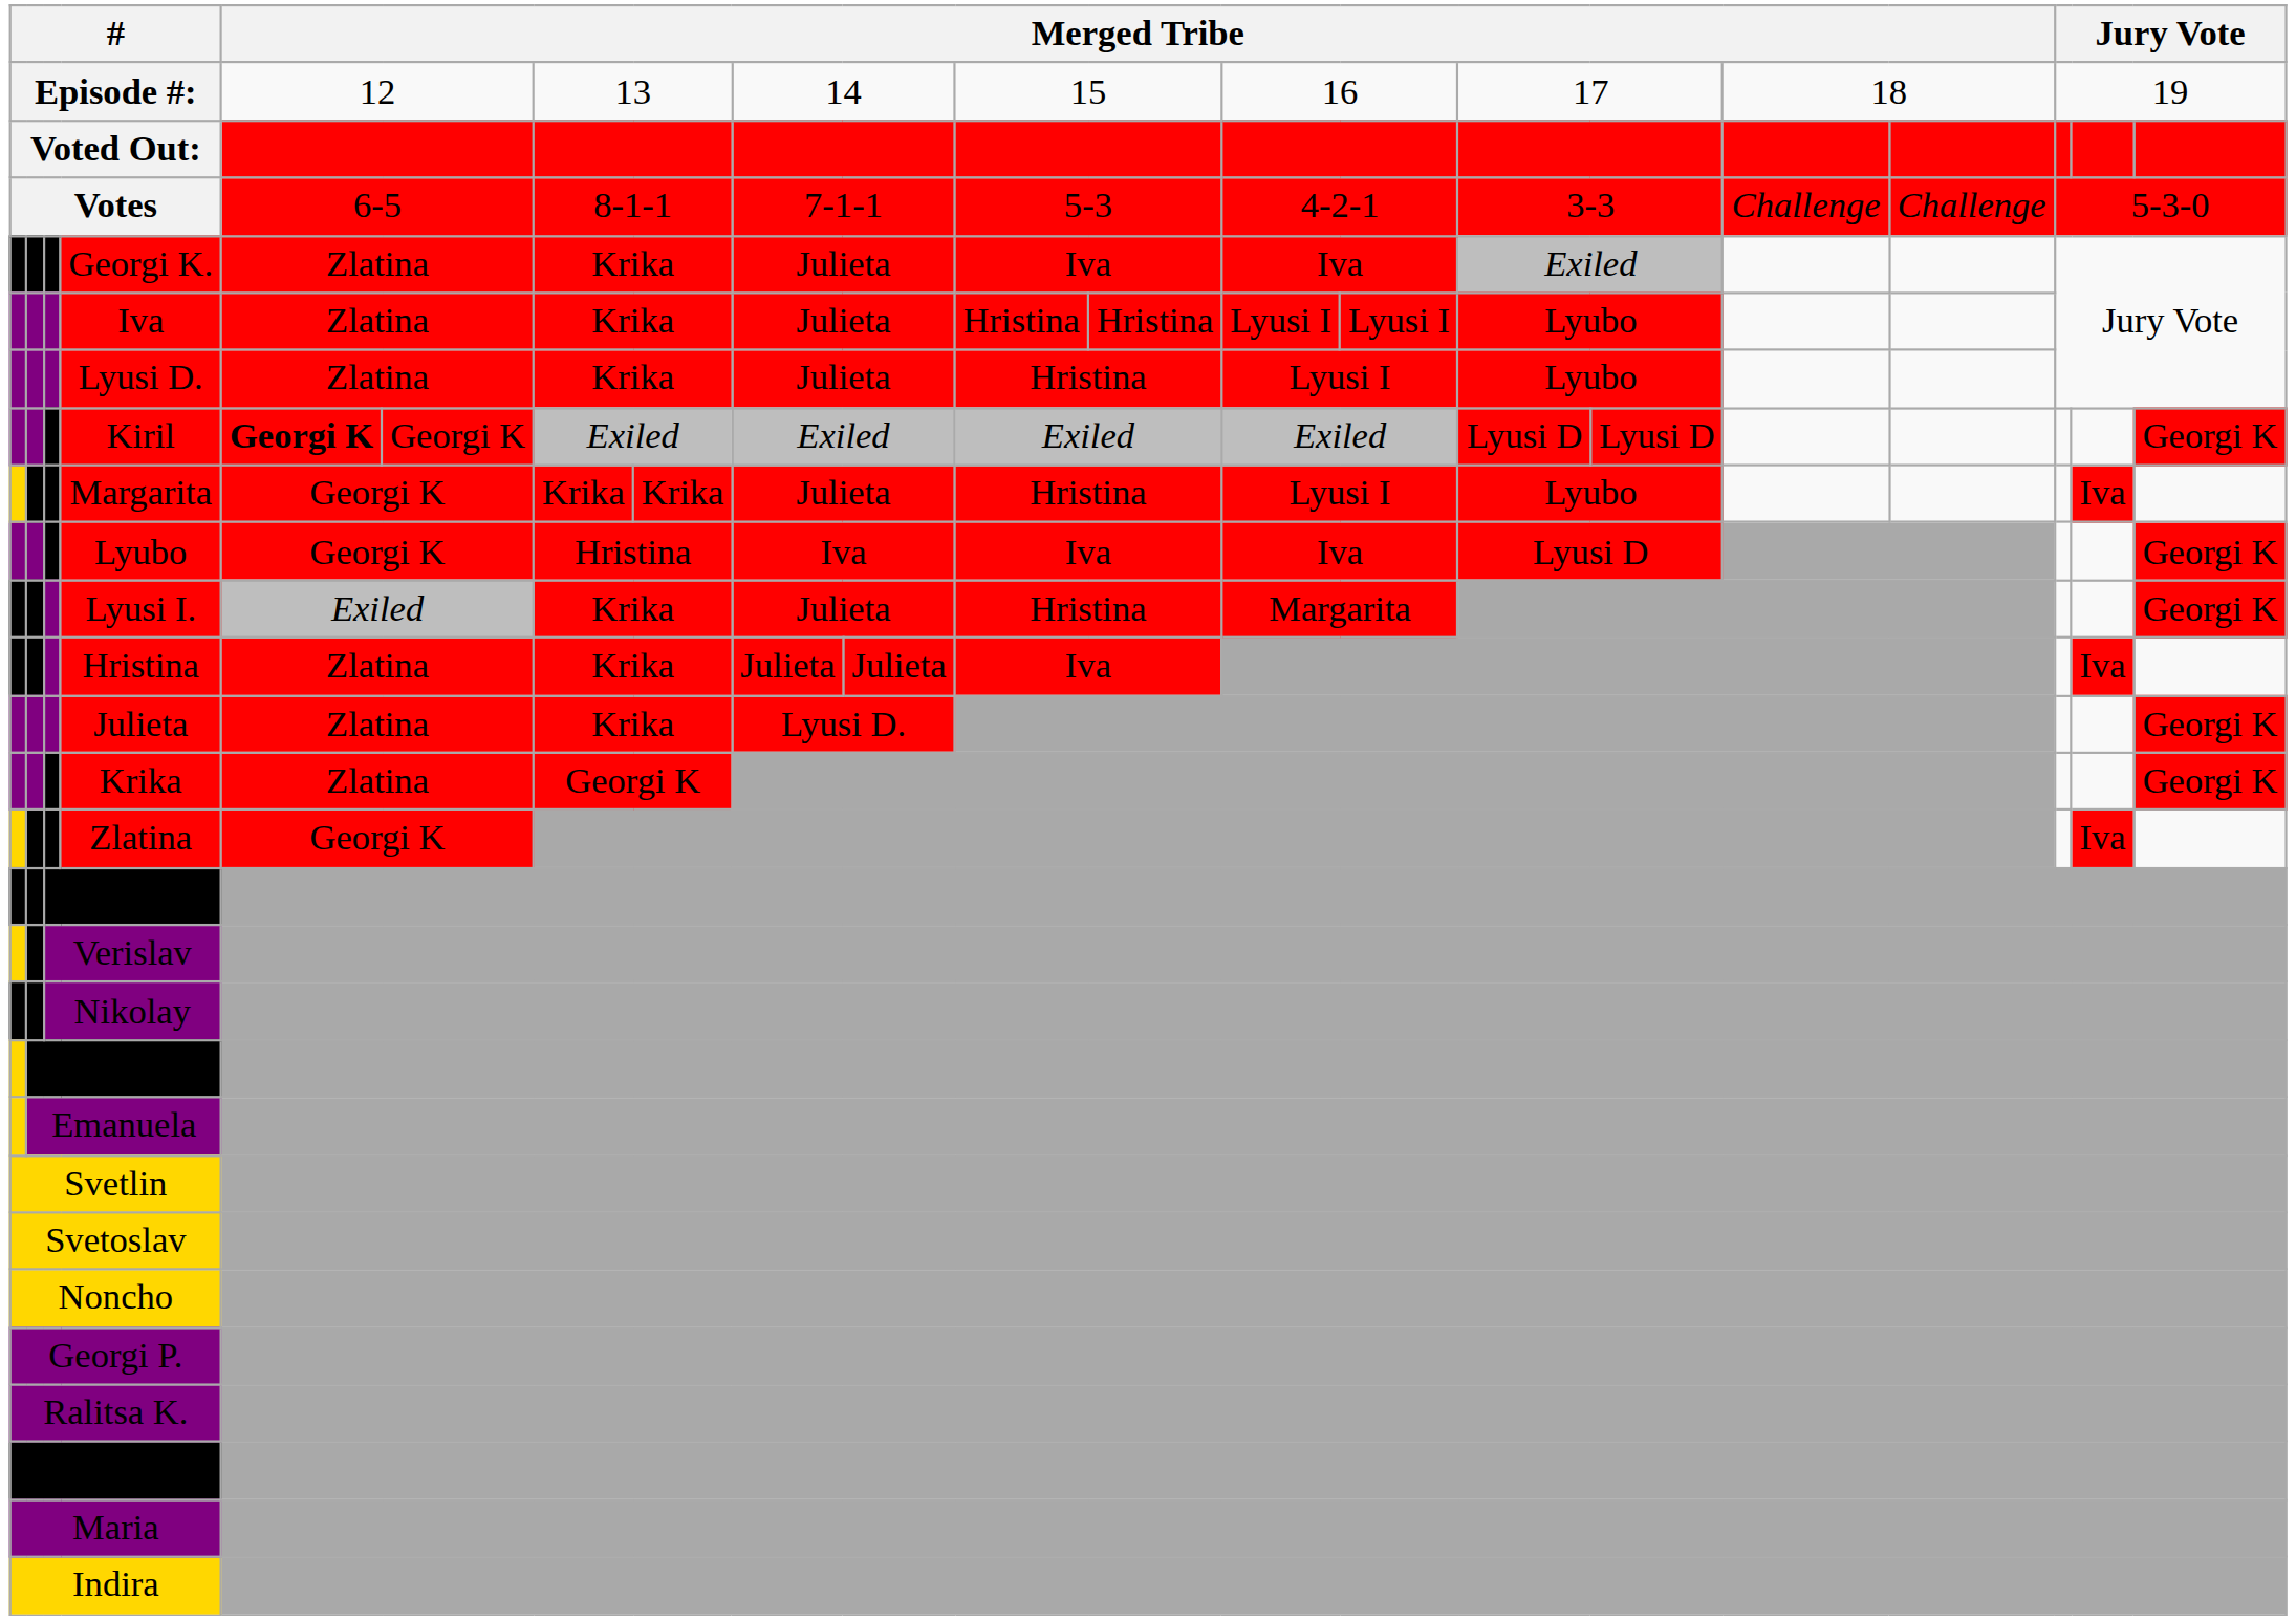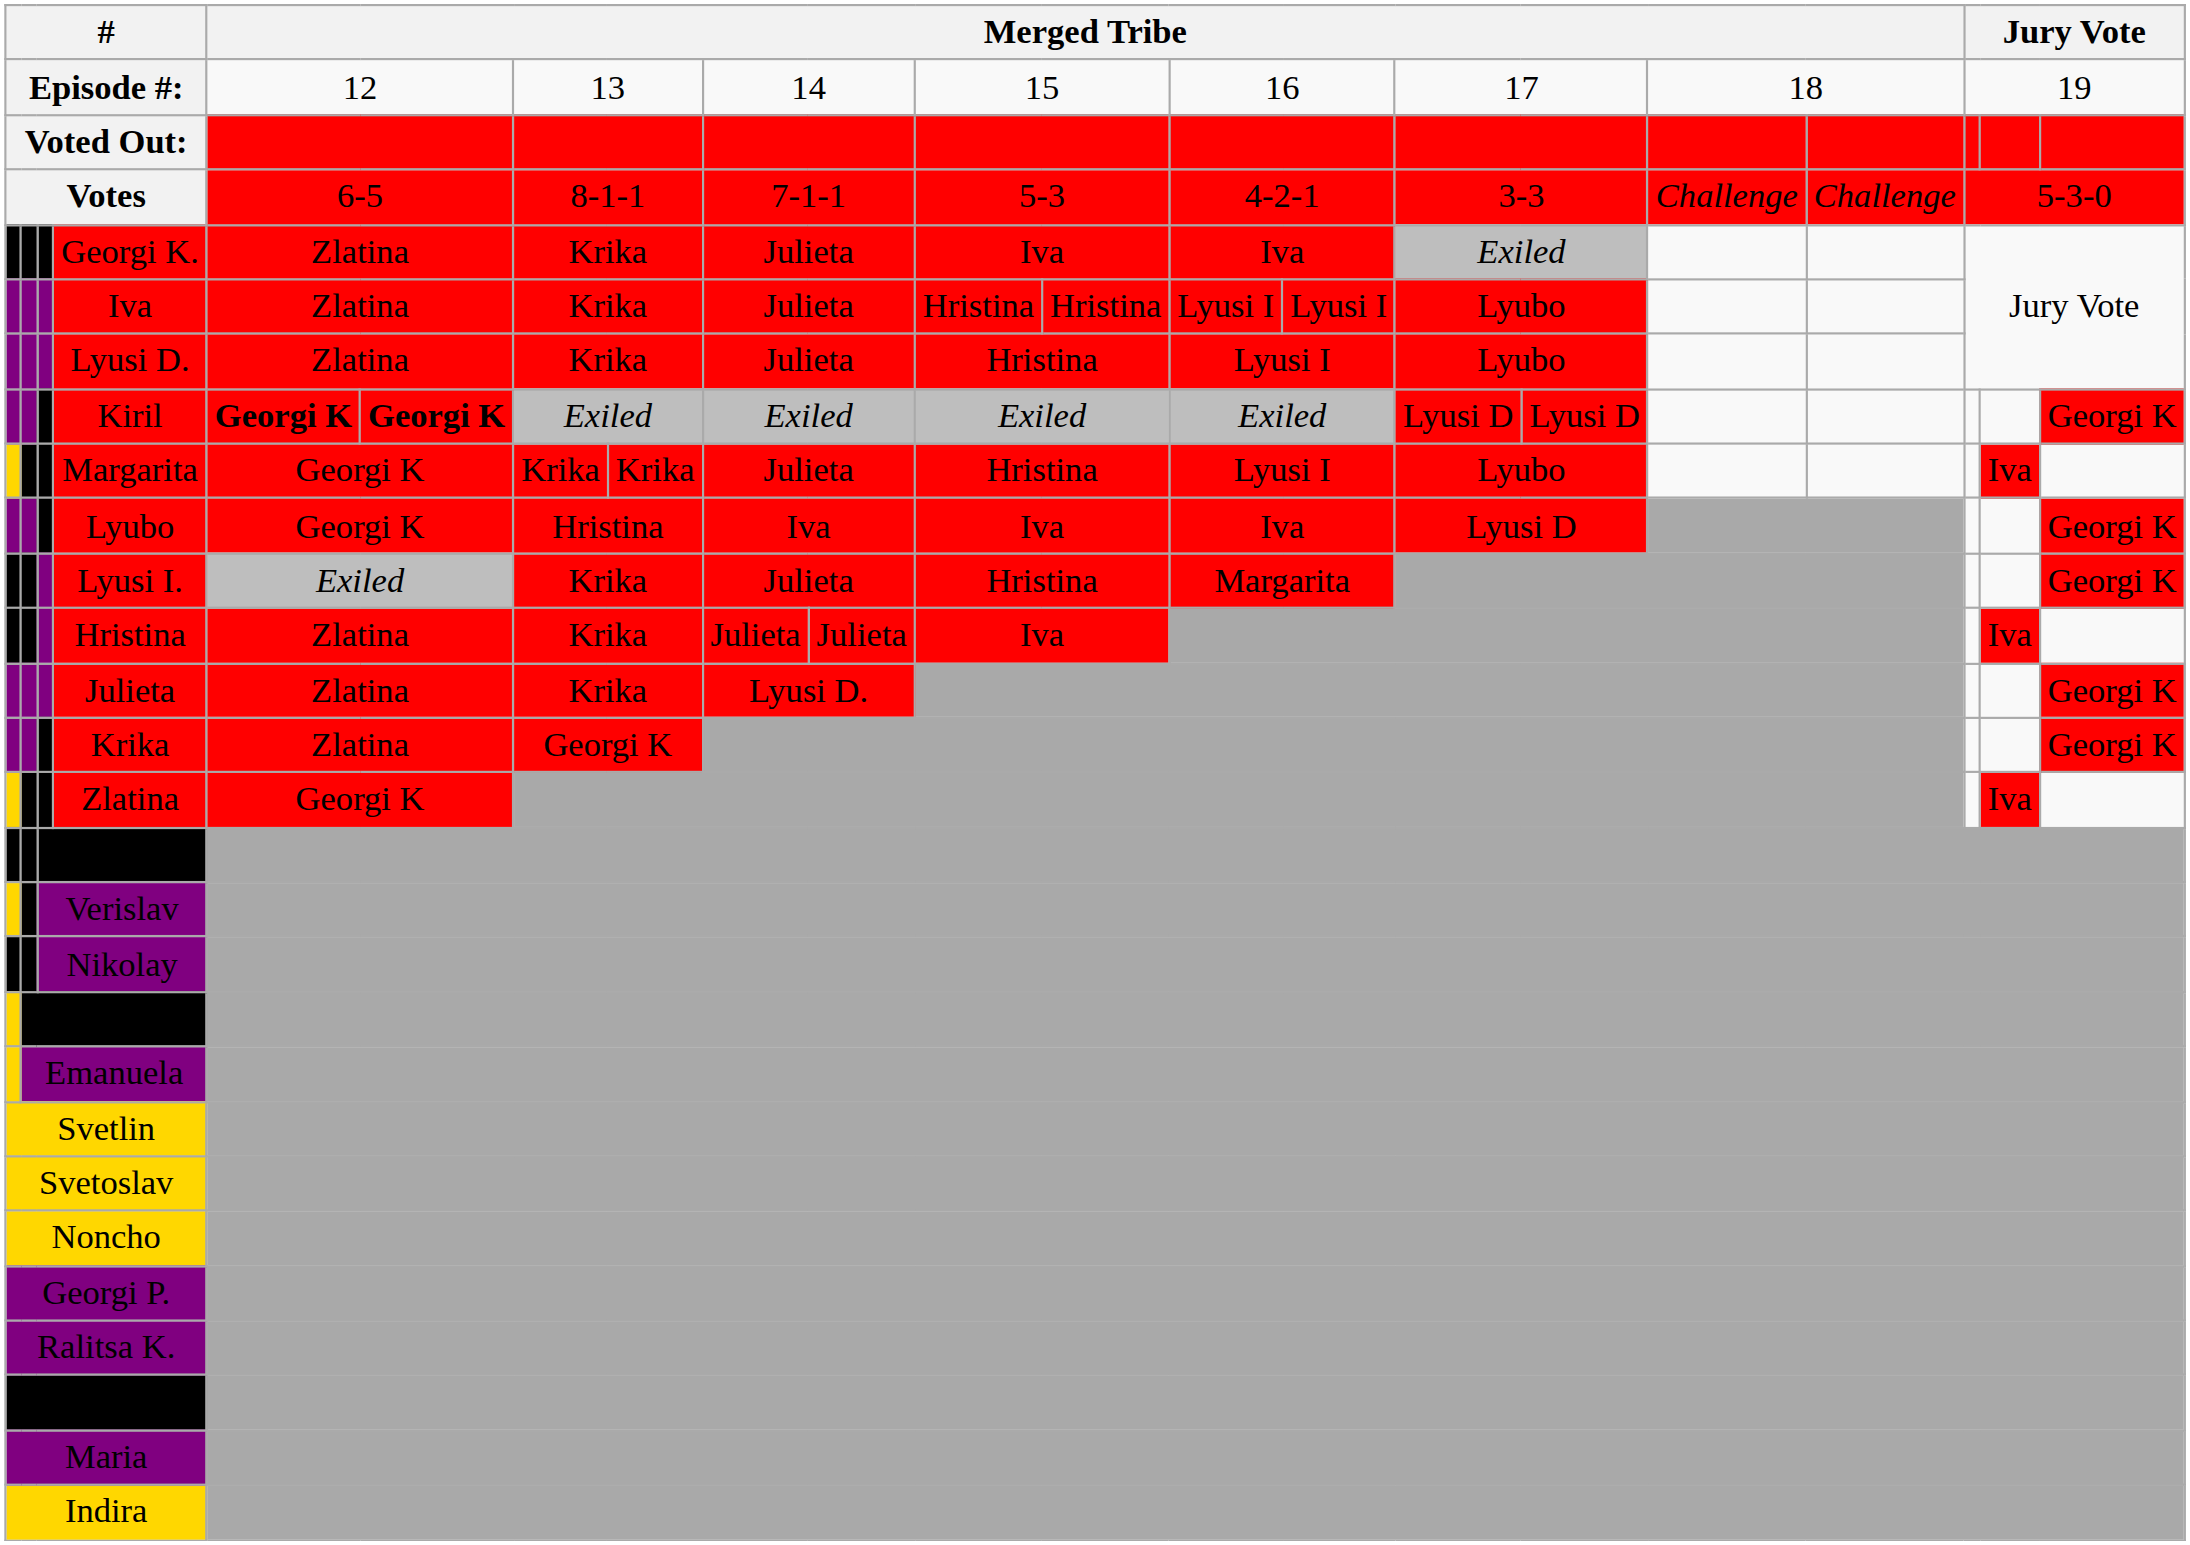 <table class="wikitable" style="margin:auto; text-align:center">
 <tr>
 <th colspan="4">#</th>
 <th colspan="14" align="center">Merged Tribe</th>
 <th colspan="3" align="center">Jury Vote</th>
 </tr>
 <tr>
 <th colspan="4">Episode #:</th>
 <td colspan="2">12</td>
 <td colspan="2">13</td>
 <td colspan="2">14</td>
 <td colspan="2">15</td>
 <td colspan="2">16</td>
 <td colspan="2">17</td>
 <td colspan="2">18</td>
 <td colspan="3">19</td>
 </tr>
 <tr>
 <th colspan="4">Voted Out:</th>
 <td bgcolor="red" colspan="2"><span></span></td>
 <td bgcolor="red" colspan="2"><span></span></td>
 <td bgcolor="red" colspan="2"><span></span></td>
 <td bgcolor="red" colspan="2"><span></span></td>
 <td bgcolor="red" colspan="2"><span></span></td>
 <td bgcolor="red" colspan="2"><span></span></td>
 <td bgcolor="red"><span></span></td>
 <td bgcolor="red"><span></span></td>
 <td bgcolor="red"><span></span></td>
 <td bgcolor="red"><span></span></td>
 <td bgcolor="red"><span></span></td>
 </tr>
 <tr>
 <th colspan="4">Votes</th>
 <td bgcolor="red" colspan="2"><span>6-5</span></td>
 <td bgcolor="red" colspan="2"><span>8-1-1</span></td>
 <td bgcolor="red" colspan="2"><span>7-1-1</span></td>
 <td bgcolor="red" colspan="2"><span>5-3</span></td>
 <td bgcolor="red" colspan="2"><span>4-2-1</span></td>
 <td bgcolor="red" colspan="2"><span>3-3</span></td>
 <td bgcolor="red"><span><em>Challenge</em></span></td>
 <td bgcolor="red"><span><em>Challenge</em></span></td>
 <td bgcolor="red" colspan="3"><span>5-3-0</span></td>
 </tr>
 <tr>
 <td bgcolor="black"></td>
 <td bgcolor="black"></td>
 <td bgcolor="black"></td>
 <td align="center" bgcolor="red"><span>Georgi K.</span></td>
 <td bgcolor="red" colspan=2><span>Zlatina</span></td>
 <td bgcolor="red" colspan=2><span>Krika</span></td>
 <td bgcolor="red" colspan=2><span>Julieta</span></td>
 <td bgcolor="red" colspan=2><span>Iva</span></td>
 <td bgcolor="red" colspan=2><span>Iva</span></td>
 <td bgcolor="BEBEBE" colspan=2><em>Exiled</em></td>
 <td></td>
 <td></td>
 <td rowspan=3 colspan=3>Jury Vote</td>
 </tr>
 <tr>
 <td bgcolor="purple"></td>
 <td bgcolor="purple"></td>
 <td bgcolor="purple"></td>
 <td align="center" bgcolor="red"><span>Iva</span></td>
 <td bgcolor="red" colspan=2><span>Zlatina</span></td>
 <td bgcolor="red" colspan=2><span>Krika</span></td>
 <td bgcolor="red" colspan=2><span>Julieta</span></td>
 <td bgcolor="red"><span>Hristina</span></td>
 <td bgcolor="red"><span>Hristina</span></td>
 <td bgcolor="red"><span>Lyusi I</span></td>
 <td bgcolor="red"><span>Lyusi I</span></td>
 <td bgcolor="red" colspan=2><span>Lyubo</span></td>
 <td></td>
 <td></td>
 </tr>
 <tr>
 <td bgcolor="purple"></td>
 <td bgcolor="purple"></td>
 <td bgcolor="purple"></td>
 <td align="center" bgcolor="red"><span>Lyusi D.</span></td>
 <td bgcolor="red" colspan=2><span>Zlatina</span></td>
 <td bgcolor="red" colspan=2><span>Krika</span></td>
 <td bgcolor="red" colspan=2><span>Julieta</span></td>
 <td bgcolor="red" colspan=2><span>Hristina</span></td>
 <td bgcolor="red" colspan=2><span>Lyusi I</span></td>
 <td bgcolor="red" colspan=2><span>Lyubo</span></td>
 <td></td>
 <td></td>
 </tr>
 <tr>
 <td bgcolor="purple"></td>
 <td bgcolor="purple"></td>
 <td bgcolor="black"></td>
 <td align="center" bgcolor="red"><span>Kiril</span></td>
 <td bgcolor="red"><strong><span>Georgi K</span></strong></td>
-<td bgcolor="red"><span>Georgi K</span></td>
+<td bgcolor="red"><strong><span>Georgi K</span></strong></td>
 <td bgcolor="BEBEBE" colspan=2><em>Exiled</em></td>
 <td bgcolor="BEBEBE" colspan=2><em>Exiled</em></td>
 <td bgcolor="BEBEBE" colspan=2><em>Exiled</em></td>
 <td bgcolor="BEBEBE" colspan=2><em>Exiled</em></td>
 <td bgcolor="red"><span>Lyusi D</span></td>
 <td bgcolor="red"><span>Lyusi D</span></td>
 <td></td>
 <td></td>
 <td></td>
 <td></td>
 <td bgcolor="red"><span>Georgi K</span></td>
 </tr>
 <tr>
 <td bgcolor="#FFD700"></td>
 <td bgcolor="black"></td>
 <td bgcolor="black"></td>
 <td align="center" bgcolor="red"><span>Margarita</span></td>
 <td bgcolor="red" colspan=2><span>Georgi K</span></td>
 <td bgcolor="red"><span>Krika</span></td>
 <td bgcolor="red"><span>Krika</span></td>
 <td bgcolor="red" colspan=2><span>Julieta</span></td>
 <td bgcolor="red" colspan=2><span>Hristina</span></td>
 <td bgcolor="red" colspan=2><span>Lyusi I</span></td>
 <td bgcolor="red" colspan=2><span>Lyubo</span></td>
 <td></td>
 <td></td>
 <td></td>
 <td bgcolor="red"><span>Iva</span></td>
 <td></td>
 </tr>
 <tr>
 <td bgcolor="purple"></td>
 <td bgcolor="purple"></td>
 <td bgcolor="black"></td>
 <td align="center" bgcolor="red"><span>Lyubo</span></td>
 <td bgcolor="red" colspan=2><span>Georgi K</span></td>
 <td bgcolor="red" colspan=2><span>Hristina</span></td>
 <td bgcolor="red" colspan=2><span>Iva</span></td>
 <td bgcolor="red" colspan=2><span>Iva</span></td>
 <td bgcolor="red" colspan=2><span>Iva</span></td>
 <td bgcolor="red" colspan=2><span>Lyusi D</span></td>
 <td colspan=2 bgcolor="darkgray"></td>
 <td></td>
 <td></td>
 <td bgcolor="red"><span>Georgi K</span></td>
 </tr>
 <tr>
 <td bgcolor="black"></td>
 <td bgcolor="black"></td>
 <td bgcolor="purple"></td>
 <td align="center" bgcolor="red"><span>Lyusi I.</span></td>
 <td bgcolor="BEBEBE" colspan=2><em>Exiled</em></td>
 <td bgcolor="red" colspan=2><span>Krika</span></td>
 <td bgcolor="red" colspan=2><span>Julieta</span></td>
 <td bgcolor="red" colspan=2><span>Hristina</span></td>
 <td bgcolor="red" colspan=2><span>Margarita</span></td>
 <td colspan=4 bgcolor="darkgray"></td>
 <td></td>
 <td></td>
 <td bgcolor="red"><span>Georgi K</span></td>
 </tr>
 <tr>
 <td bgcolor="black"></td>
 <td bgcolor="black"></td>
 <td bgcolor="purple"></td>
 <td align="center" bgcolor="red"><span>Hristina</span></td>
 <td bgcolor="red" colspan=2><span>Zlatina</span></td>
 <td bgcolor="red" colspan=2><span>Krika</span></td>
 <td bgcolor="red"><span>Julieta</span></td>
 <td bgcolor="red"><span>Julieta</span></td>
 <td bgcolor="red" colspan=2><span>Iva</span></td>
 <td colspan=6 bgcolor="darkgray"></td>
 <td></td>
 <td bgcolor="red"><span>Iva</span></td>
 <td></td>
 </tr>
 <tr>
 <td bgcolor="purple"></td>
 <td bgcolor="purple"></td>
 <td bgcolor="purple"></td>
 <td align="center" bgcolor="red"><span>Julieta</span></td>
 <td bgcolor="red" colspan=2><span>Zlatina</span></td>
 <td bgcolor="red" colspan=2><span>Krika</span></td>
 <td bgcolor="red" colspan=2><span>Lyusi D.</span></td>
 <td colspan=8 bgcolor="darkgray"></td>
 <td></td>
 <td></td>
 <td bgcolor="red"><span>Georgi K</span></td>
 </tr>
 <tr>
 <td bgcolor="purple"></td>
 <td bgcolor="purple"></td>
 <td bgcolor="black"></td>
 <td align="center" bgcolor="red"><span>Krika</span></td>
 <td bgcolor="red" colspan=2><span>Zlatina</span></td>
 <td bgcolor="red" colspan=2><span>Georgi K</span></td>
 <td colspan=10 bgcolor="darkgray"></td>
 <td></td>
 <td></td>
 <td bgcolor="red"><span>Georgi K</span></td>
 </tr>
 <tr>
 <td bgcolor="#FFD700"></td>
 <td bgcolor="black"></td>
 <td bgcolor="black"></td>
 <td align="center" bgcolor="red"><span>Zlatina</span></td>
 <td bgcolor="red" colspan=2><span>Georgi K</span></td>
 <td colspan=12 bgcolor="darkgray"></td>
 <td></td>
 <td bgcolor="red"><span>Iva</span></td>
 <td></td>
 </tr>
 <tr>
 <td bgcolor="black"></td>
 <td bgcolor="black"></td>
 <td align="center" bgcolor="black" colspan="2"><span>Ralitsa G.</span></td>
 <td colspan=17 bgcolor="darkgray"></td>
 </tr>
 <tr>
 <td bgcolor="#FFD700"></td>
 <td bgcolor="black"></td>
 <td align="center" bgcolor="purple" colspan="2"><span>Verislav</span></td>
 <td colspan=17 bgcolor="darkgray"></td>
 </tr>
 <tr>
 <td bgcolor="black"></td>
 <td bgcolor="black"></td>
 <td align="center"  bgcolor="purple" colspan="2"><span>Nikolay</span></td>
 <td colspan=17 bgcolor="darkgray"></td>
 </tr>
 <tr>
 <td bgcolor="#FFD700"></td>
 <td align="center" bgcolor="black" colspan="3"><span>Ivan</span></td>
 <td colspan=17 bgcolor="darkgray"></td>
 </tr>
 <tr>
 <td bgcolor="#FFD700"></td>
 <td align="center" bgcolor="purple" colspan="3"><span>Emanuela</span></td>
 <td colspan=17 bgcolor="darkgray"></td>
 </tr>
 <tr>
 <td align="center" bgcolor="#FFD700" colspan="4">Svetlin</td>
 <td colspan=17 bgcolor="darkgray"></td>
 </tr>
 <tr>
 <td align="center" bgcolor="#FFD700" colspan="4">Svetoslav</td>
 <td colspan=17 bgcolor="darkgray"></td>
 </tr>
 <tr>
 <td align="center" bgcolor="#FFD700" colspan="4">Noncho</td>
 <td colspan=17 bgcolor="darkgray"></td>
 </tr>
 <tr>
 <td align="center" bgcolor="purple" colspan="4"><span>Georgi P.</span></td>
 <td colspan=17 bgcolor="darkgray"></td>
 </tr>
 <tr>
 <td align="center" bgcolor="purple" colspan="4"><span>Ralitsa K.</span></td>
 <td colspan=17 bgcolor="darkgray"></td>
 </tr>
 <tr>
 <td align="center" bgcolor="black" colspan="4"><span>Plamen</span></td>
 <td colspan=17 bgcolor="darkgray"></td>
 </tr>
 <tr>
 <td align="center" bgcolor="purple" colspan="4"><span>Maria</span></td>
 <td colspan=17 bgcolor="darkgray"></td>
 </tr>
 <tr>
 <td align="center" bgcolor="#FFD700" colspan="4">Indira</td>
 <td colspan=17 bgcolor="darkgray"></td>
 </tr>
 </table>
